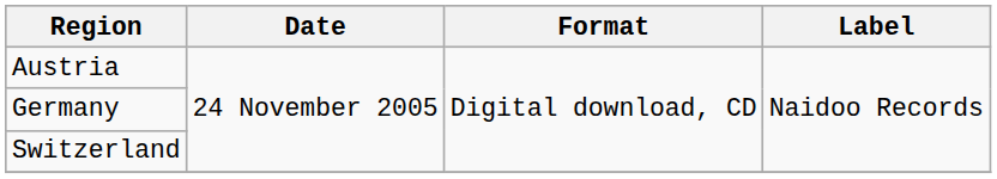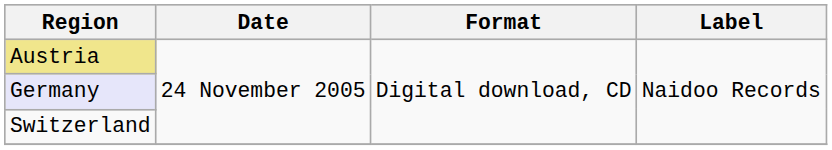 <table class="wikitable">
 <tr>
 <th scope="col">Region</th>
 <th scope="col">Date</th>
 <th scope="col">Format</th>
 <th scope="col">Label</th>
 </tr>
 <tr>
-<td>Austria</td>
+<td style="background: khaki;">Austria</td>
 <td rowspan="3">24 November 2005</td>
 <td rowspan="3">Digital download, CD</td>
 <td rowspan="3">Naidoo Records</td>
 </tr>
 <tr>
-<td>Germany</td>
+<td style="background: lavender;">Germany</td>
 </tr>
 <tr>
 <td>Switzerland</td>
 </tr>
 <tr>
 </tr>
 </table>
